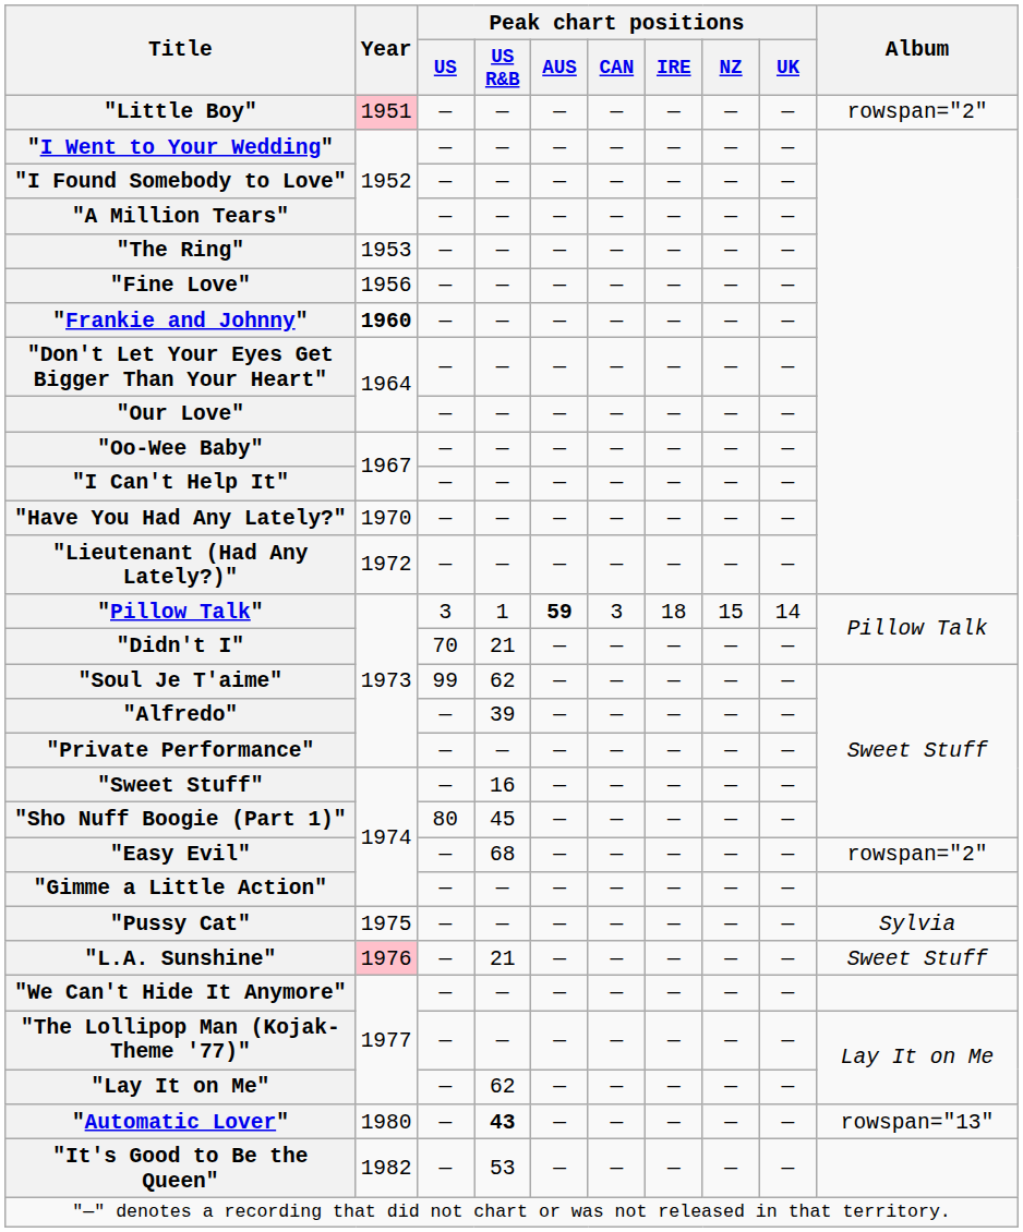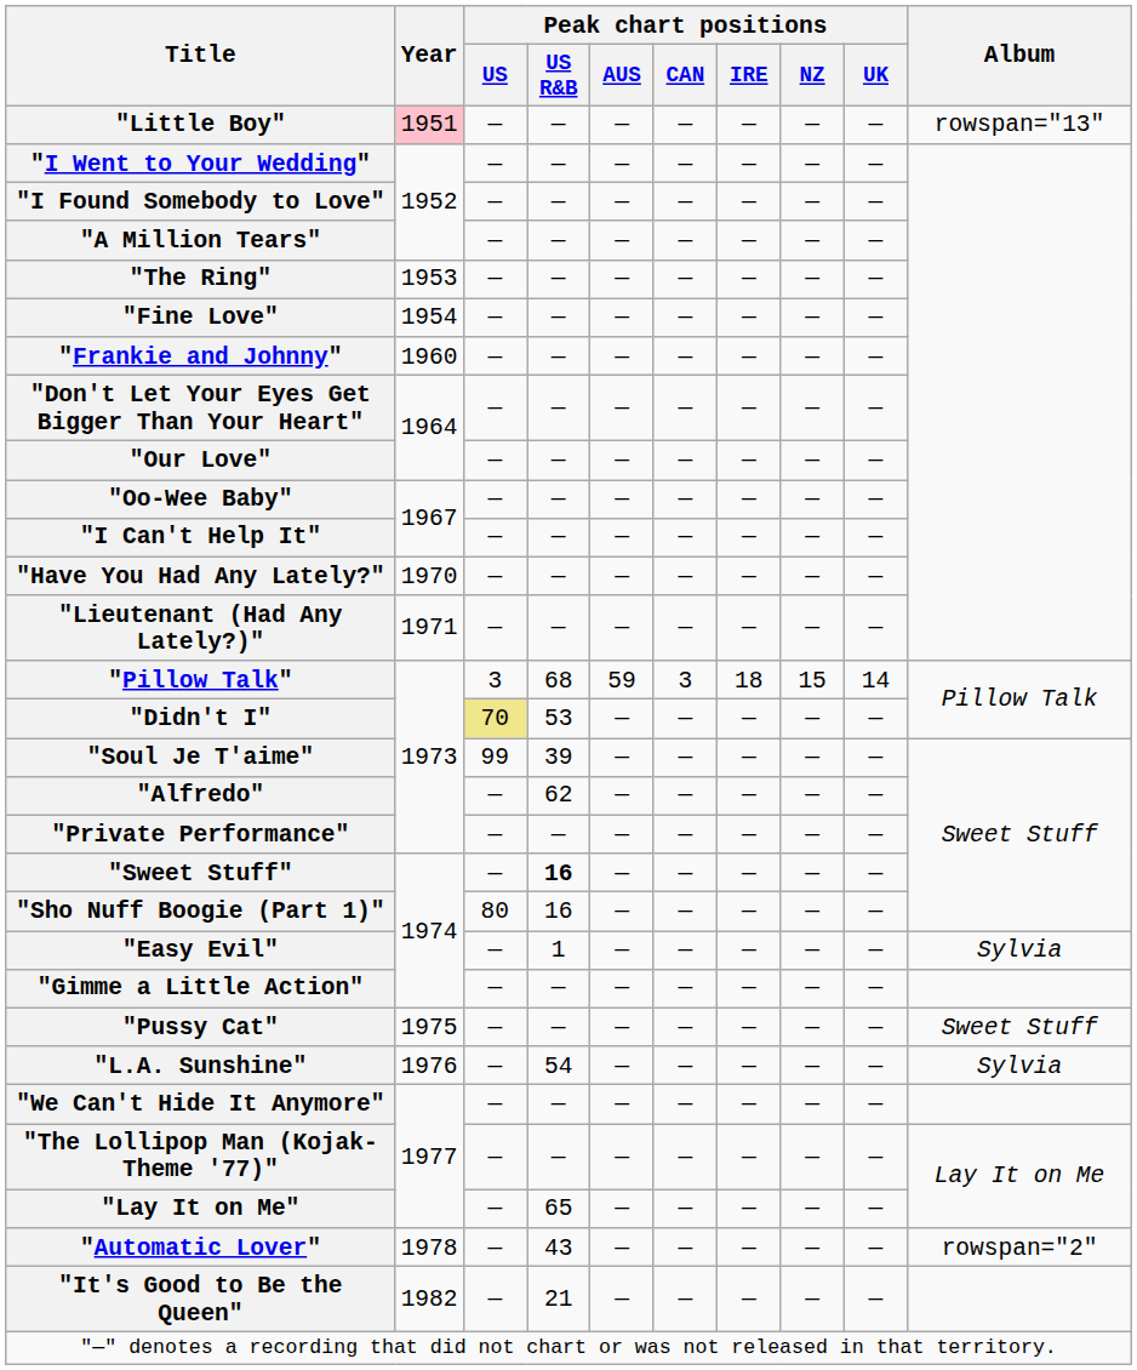 <table class="wikitable plainrowheaders" style="text-align:center;">
 <tr>
 <th scope="col" rowspan="2" style="width:16em;">Title</th>
 <th scope="col" rowspan="2" style="width:1em;">Year</th>
 <th scope="col" colspan="7">Peak chart positions</th>
 <th scope="col" rowspan="2" style="width:9em;">Album</th>
 </tr>
 <tr>
 <th scope="col" style="width:2.5em; font-size:90%;"><a href='#'>US</a><br></th>
 <th scope="col" style="width:2.5em; font-size:90%;"><a href='#'>US R&B</a><br></th>
 <th scope="col" style="width:2.5em; font-size:90%;"><a href='#'>AUS</a><br></th>
 <th scope="col" style="width:2.5em; font-size:90%;"><a href='#'>CAN</a></th>
 <th scope="col" style="width:2.5em; font-size:90%;"><a href='#'>IRE</a></th>
 <th scope="col" style="width:2.5em; font-size:90%;"><a href='#'>NZ</a><br></th>
 <th scope="col" style="width:2.5em; font-size:90%;"><a href='#'>UK</a><br></th>
 </tr>
 <tr>
 <th scope="row">"Little Boy"</th>
 <td style="background: pink;">1951</td>
 <td>—</td>
 <td>—</td>
 <td>—</td>
 <td>—</td>
 <td>—</td>
 <td>—</td>
 <td>—</td>
-<td>rowspan="2" </td>
+<td>rowspan="13" </td>
 </tr>
 <tr>
 <th scope="row">"<a href='#'>I Went to Your Wedding</a>"</th>
 <td rowspan="3">1952</td>
 <td>—</td>
 <td>—</td>
 <td>—</td>
 <td>—</td>
 <td>—</td>
 <td>—</td>
 <td>—</td>
 </tr>
 <tr>
 <th scope="row">"I Found Somebody to Love"</th>
 <td>—</td>
 <td>—</td>
 <td>—</td>
 <td>—</td>
 <td>—</td>
 <td>—</td>
 <td>—</td>
 </tr>
 <tr>
 <th scope="row">"A Million Tears"</th>
 <td>—</td>
 <td>—</td>
 <td>—</td>
 <td>—</td>
 <td>—</td>
 <td>—</td>
 <td>—</td>
 </tr>
 <tr>
 <th scope="row">"The Ring"</th>
 <td>1953</td>
 <td>—</td>
 <td>—</td>
 <td>—</td>
 <td>—</td>
 <td>—</td>
 <td>—</td>
 <td>—</td>
 </tr>
 <tr>
 <th scope="row">"Fine Love"<br></th>
-<td>1956</td>
+<td>1954</td>
 <td>—</td>
 <td>—</td>
 <td>—</td>
 <td>—</td>
 <td>—</td>
 <td>—</td>
 <td>—</td>
 </tr>
 <tr>
 <th scope="row">"<a href='#'>Frankie and Johnny</a>"</th>
-<td><strong>1960</strong></td>
+<td>1960</td>
 <td>—</td>
 <td>—</td>
 <td>—</td>
 <td>—</td>
 <td>—</td>
 <td>—</td>
 <td>—</td>
 </tr>
 <tr>
 <th scope="row">"Don't Let Your Eyes Get Bigger Than Your Heart"</th>
 <td rowspan="2">1964</td>
 <td>—</td>
 <td>—</td>
 <td>—</td>
 <td>—</td>
 <td>—</td>
 <td>—</td>
 <td>—</td>
 </tr>
 <tr>
 <th scope="row">"Our Love"</th>
 <td>—</td>
 <td>—</td>
 <td>—</td>
 <td>—</td>
 <td>—</td>
 <td>—</td>
 <td>—</td>
 </tr>
 <tr>
 <th scope="row">"Oo-Wee Baby"</th>
 <td rowspan="2">1967</td>
 <td>—</td>
 <td>—</td>
 <td>—</td>
 <td>—</td>
 <td>—</td>
 <td>—</td>
 <td>—</td>
 </tr>
 <tr>
 <th scope="row">"I Can't Help It"</th>
 <td>—</td>
 <td>—</td>
 <td>—</td>
 <td>—</td>
 <td>—</td>
 <td>—</td>
 <td>—</td>
 </tr>
 <tr>
 <th scope="row">"Have You Had Any Lately?"</th>
 <td>1970</td>
 <td>—</td>
 <td>—</td>
 <td>—</td>
 <td>—</td>
 <td>—</td>
 <td>—</td>
 <td>—</td>
 </tr>
 <tr>
 <th scope="row">"Lieutenant (Had Any Lately?)"</th>
-<td>1972</td>
+<td>1971</td>
 <td>—</td>
 <td>—</td>
 <td>—</td>
 <td>—</td>
 <td>—</td>
 <td>—</td>
 <td>—</td>
 </tr>
 <tr>
 <th scope="row">"<a href='#'>Pillow Talk</a>"</th>
 <td rowspan="5">1973</td>
 <td>3</td>
-<td>1</td>
-<td><strong>59</strong></td>
+<td>68</td>
+<td>59</td>
 <td>3</td>
 <td>18</td>
 <td>15</td>
 <td>14</td>
 <td rowspan="2"><em>Pillow Talk</em></td>
 </tr>
 <tr>
 <th scope="row">"Didn't I"</th>
-<td>70</td>
-<td>21</td>
+<td style="background: khaki;">70</td>
+<td>53</td>
 <td>—</td>
 <td>—</td>
 <td>—</td>
 <td>—</td>
 <td>—</td>
 </tr>
 <tr>
 <th scope="row">"Soul Je T'aime"<br></th>
 <td>99</td>
-<td>62</td>
+<td>39</td>
 <td>—</td>
 <td>—</td>
 <td>—</td>
 <td>—</td>
 <td>—</td>
 <td rowspan="5"><em>Sweet Stuff</em></td>
 </tr>
 <tr>
 <th scope="row">"Alfredo"</th>
 <td>—</td>
-<td>39</td>
+<td>62</td>
 <td>—</td>
 <td>—</td>
 <td>—</td>
 <td>—</td>
 <td>—</td>
 </tr>
 <tr>
 <th scope="row">"Private Performance"</th>
 <td>—</td>
 <td>—</td>
 <td>—</td>
 <td>—</td>
 <td>—</td>
 <td>—</td>
 <td>—</td>
 </tr>
 <tr>
 <th scope="row">"Sweet Stuff"</th>
 <td rowspan="4">1974</td>
 <td>—</td>
-<td>16</td>
+<td><strong>16</strong></td>
 <td>—</td>
 <td>—</td>
 <td>—</td>
 <td>—</td>
 <td>—</td>
 </tr>
 <tr>
 <th scope="row">"Sho Nuff Boogie (Part 1)"<br></th>
 <td>80</td>
-<td>45</td>
+<td>16</td>
 <td>—</td>
 <td>—</td>
 <td>—</td>
 <td>—</td>
 <td>—</td>
 </tr>
 <tr>
 <th scope="row">"Easy Evil"</th>
 <td>—</td>
-<td>68</td>
+<td>1</td>
 <td>—</td>
 <td>—</td>
 <td>—</td>
 <td>—</td>
 <td>—</td>
-<td>rowspan="2" </td>
+<td><em>Sylvia</em></td>
 </tr>
 <tr>
 <th scope="row">"Gimme a Little Action"</th>
 <td>—</td>
 <td>—</td>
 <td>—</td>
 <td>—</td>
 <td>—</td>
 <td>—</td>
 <td>—</td>
 </tr>
 <tr>
 <th scope="row">"Pussy Cat"</th>
 <td>1975</td>
 <td>—</td>
 <td>—</td>
 <td>—</td>
 <td>—</td>
 <td>—</td>
 <td>—</td>
 <td>—</td>
-<td><em>Sylvia</em></td>
+<td><em>Sweet Stuff</em></td>
 </tr>
 <tr>
 <th scope="row">"L.A. Sunshine"</th>
-<td style="background: pink;">1976</td>
+<td>1976</td>
 <td>—</td>
-<td>21</td>
+<td>54</td>
 <td>—</td>
 <td>—</td>
 <td>—</td>
 <td>—</td>
 <td>—</td>
-<td><em>Sweet Stuff</em></td>
+<td><em>Sylvia</em></td>
 </tr>
 <tr>
 <th scope="row">"We Can't Hide It Anymore"<br></th>
 <td rowspan="3">1977</td>
 <td>—</td>
 <td>—</td>
 <td>—</td>
 <td>—</td>
 <td>—</td>
 <td>—</td>
 <td>—</td>
 <td></td>
 </tr>
 <tr>
 <th scope="row">"The Lollipop Man (Kojak-Theme '77)"</th>
 <td>—</td>
 <td>—</td>
 <td>—</td>
 <td>—</td>
 <td>—</td>
 <td>—</td>
 <td>—</td>
 <td rowspan="2"><em>Lay It on Me</em></td>
 </tr>
 <tr>
 <th scope="row">"Lay It on Me"</th>
 <td>—</td>
-<td>62</td>
+<td>65</td>
 <td>—</td>
 <td>—</td>
 <td>—</td>
 <td>—</td>
 <td>—</td>
 </tr>
 <tr>
 <th scope="row">"<a href='#'>Automatic Lover</a>"</th>
-<td>1980</td>
+<td>1978</td>
 <td>—</td>
-<td><strong>43</strong></td>
+<td>43</td>
 <td>—</td>
 <td>—</td>
 <td>—</td>
 <td>—</td>
 <td>—</td>
-<td>rowspan="13" </td>
+<td>rowspan="2" </td>
 </tr>
 <tr>
 <th scope="row">"It's Good to Be the Queen"</th>
 <td>1982</td>
 <td>—</td>
-<td>53</td>
+<td>21</td>
 <td>—</td>
 <td>—</td>
 <td>—</td>
 <td>—</td>
 <td>—</td>
 </tr>
 <tr>
 <td colspan="14" style="font-size:85%">"—" denotes a recording that did not chart or was not released in that territory.</td>
 </tr>
 </table>
